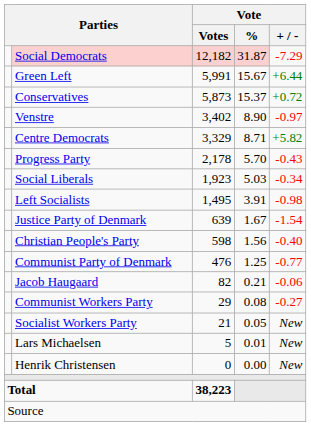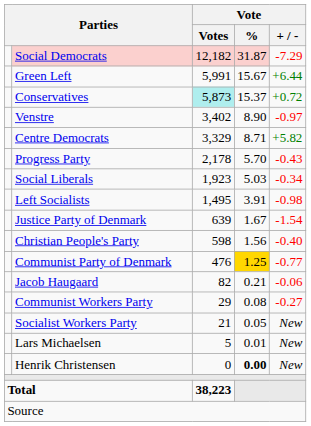 <table class="wikitable" style="text-align:right;">
 <tr>
 <th style="text-align:centre;" rowspan="2" colspan="2" width="225">Parties</th>
 <th colspan="3">Vote</th>
 </tr>
 <tr>
 <th width="15">Votes</th>
 <th width="15">%</th>
 <th width="15">+ / -</th>
 </tr>
 <tr>
 <td width="2" style="color:inherit;background:"></td>
 <td bgcolor=#fbd0ce  align="left"><a href='#'>Social Democrats</a></td>
 <td bgcolor=#fbd0ce>12,182</td>
 <td bgcolor=#fbd0ce>31.87</td>
 <td style=color:red;>-7.29</td>
 </tr>
 <tr>
 <td width="2" style="color:inherit;background:"></td>
 <td align="left"><a href='#'>Green Left</a></td>
 <td>5,991</td>
 <td>15.67</td>
 <td style=color:green;>+6.44</td>
 </tr>
 <tr>
 <td width="2" style="color:inherit;background:"></td>
 <td align="left"><a href='#'>Conservatives</a></td>
-<td>5,873</td>
+<td style="background: paleturquoise;">5,873</td>
 <td>15.37</td>
 <td style=color:green;>+0.72</td>
 </tr>
 <tr>
 <td width="2" style="color:inherit;background:"></td>
 <td align="left"><a href='#'>Venstre</a></td>
 <td>3,402</td>
 <td>8.90</td>
 <td style=color:red;>-0.97</td>
 </tr>
 <tr>
 <td width="2" style="color:inherit;background:"></td>
 <td align="left"><a href='#'>Centre Democrats</a></td>
 <td>3,329</td>
 <td>8.71</td>
 <td style=color:green;>+5.82</td>
 </tr>
 <tr>
 <td width="2" style="color:inherit;background:"></td>
 <td align="left"><a href='#'>Progress Party</a></td>
 <td>2,178</td>
 <td>5.70</td>
 <td style=color:red;>-0.43</td>
 </tr>
 <tr>
 <td width="2" style="color:inherit;background:"></td>
 <td align="left"><a href='#'>Social Liberals</a></td>
 <td>1,923</td>
 <td>5.03</td>
 <td style=color:red;>-0.34</td>
 </tr>
 <tr>
 <td width="2" style="color:inherit;background:"></td>
 <td align="left"><a href='#'>Left Socialists</a></td>
 <td>1,495</td>
 <td>3.91</td>
 <td style=color:red;>-0.98</td>
 </tr>
 <tr>
 <td width="2" style="color:inherit;background:"></td>
 <td align="left"><a href='#'>Justice Party of Denmark</a></td>
 <td>639</td>
 <td>1.67</td>
 <td style=color:red;>-1.54</td>
 </tr>
 <tr>
 <td width="2" style="color:inherit;background:"></td>
 <td align="left"><a href='#'>Christian People's Party</a></td>
 <td>598</td>
 <td>1.56</td>
 <td style=color:red;>-0.40</td>
 </tr>
 <tr>
 <td width="2" style="color:inherit;background:"></td>
 <td align="left"><a href='#'>Communist Party of Denmark</a></td>
 <td>476</td>
-<td>1.25</td>
+<td style="background: gold;">1.25</td>
 <td style=color:red;>-0.77</td>
 </tr>
 <tr>
 <td width="2" style="color:inherit;background:"></td>
 <td align="left"><a href='#'>Jacob Haugaard</a></td>
 <td>82</td>
 <td>0.21</td>
 <td style=color:red;>-0.06</td>
 </tr>
 <tr>
 <td width="2" style="color:inherit;background:"></td>
 <td align="left"><a href='#'>Communist Workers Party</a></td>
 <td>29</td>
 <td>0.08</td>
 <td style=color:red;>-0.27</td>
 </tr>
 <tr>
 <td width="2" style="color:inherit;background:"></td>
 <td align="left"><a href='#'>Socialist Workers Party</a></td>
 <td>21</td>
 <td>0.05</td>
 <td><em>New</em></td>
 </tr>
 <tr>
 <td width="2" style="color:inherit;background:"></td>
 <td align="left">Lars Michaelsen</td>
 <td>5</td>
 <td>0.01</td>
 <td><em>New</em></td>
 </tr>
 <tr>
 <td width="2" style="color:inherit;background:"></td>
 <td align="left">Henrik Christensen</td>
 <td>0</td>
-<td>0.00</td>
+<td><strong>0.00</strong></td>
 <td><em>New</em></td>
 </tr>
 <tr>
 <td colspan="7" bgcolor="#E9E9E9"></td>
 </tr>
 <tr>
 <td align="left" colspan="2"><strong>Total</strong></td>
 <td><strong>38,223</strong></td>
 <td bgcolor="#E9E9E9" colspan="2"></td>
 </tr>
 <tr>
 <td align="left" colspan="6">Source</td>
 </tr>
 </table>
